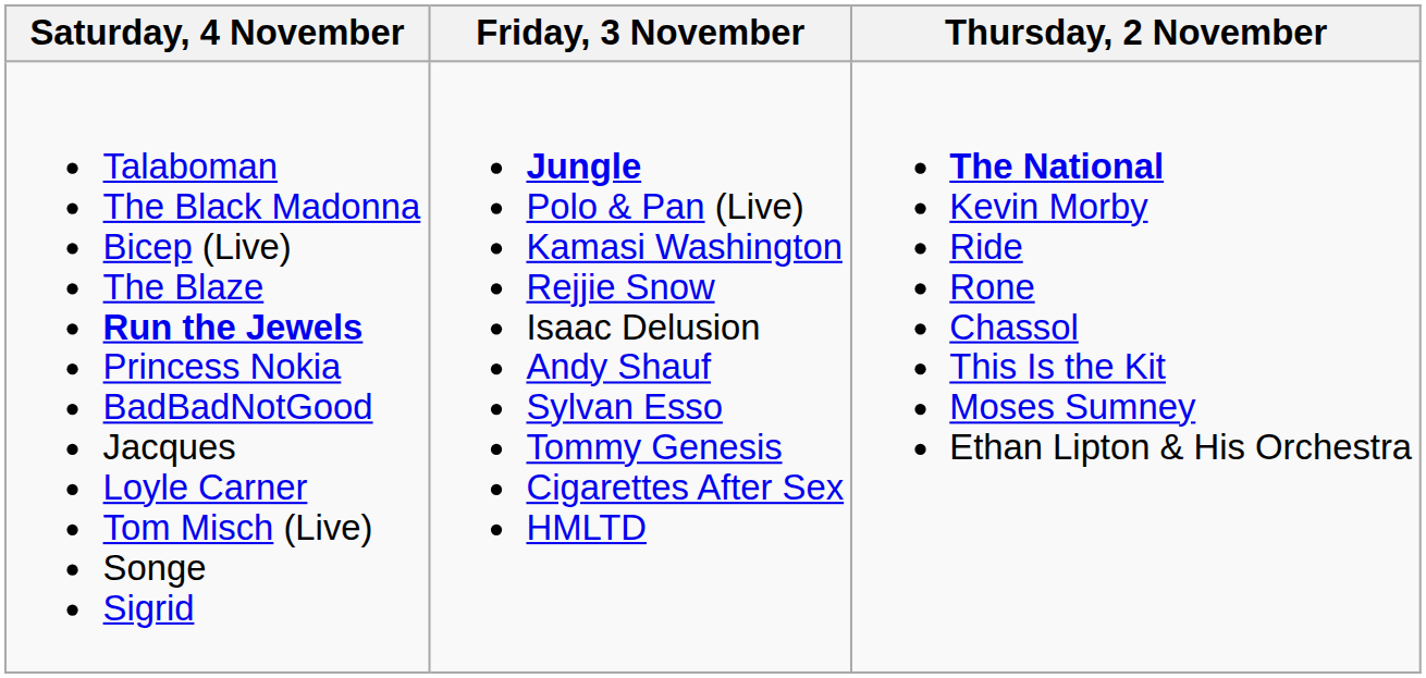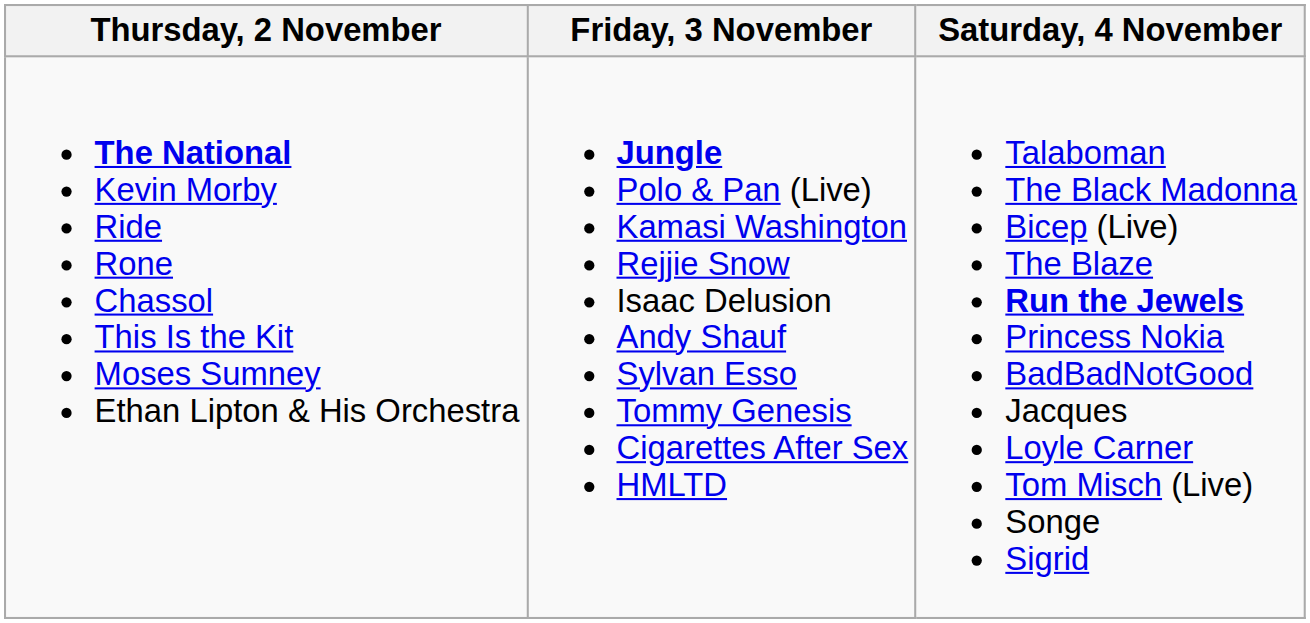 <table class="wikitable">
 <tr>
+<th>Thursday, 2 November</th>
+<th>Friday, 3 November</th>
 <th>Saturday, 4 November</th>
-<th>Friday, 3 November</th>
-<th>Thursday, 2 November</th>
 </tr>
 <tr valign="top">
+<td><br><ul><li><strong><a href='#'>The National</a></strong></li><li><a href='#'>Kevin Morby</a></li><li><a href='#'>Ride</a></li><li><a href='#'>Rone</a></li><li><a href='#'>Chassol</a></li><li><a href='#'>This Is the Kit</a></li><li><a href='#'>Moses Sumney</a></li><li>Ethan Lipton & His Orchestra</li></ul></td>
+<td><br><ul><li><strong><a href='#'>Jungle</a></strong></li><li><a href='#'>Polo & Pan</a> (Live)</li><li><a href='#'>Kamasi Washington</a></li><li><a href='#'>Rejjie Snow</a></li><li>Isaac Delusion</li><li><a href='#'>Andy Shauf</a></li><li><a href='#'>Sylvan Esso</a></li><li><a href='#'>Tommy Genesis</a></li><li><a href='#'>Cigarettes After Sex</a></li><li><a href='#'>HMLTD</a></li></ul></td>
 <td><br><ul><li><a href='#'>Talaboman</a></li><li><a href='#'>The Black Madonna</a></li><li><a href='#'>Bicep</a> (Live)</li><li><a href='#'>The Blaze</a></li><li><strong><a href='#'>Run the Jewels</a></strong></li><li><a href='#'>Princess Nokia</a></li><li><a href='#'>BadBadNotGood</a></li><li>Jacques</li><li><a href='#'>Loyle Carner</a></li><li><a href='#'>Tom Misch</a> (Live)</li><li>Songe</li><li><a href='#'>Sigrid</a></li></ul></td>
-<td><br><ul><li><strong><a href='#'>Jungle</a></strong></li><li><a href='#'>Polo & Pan</a> (Live)</li><li><a href='#'>Kamasi Washington</a></li><li><a href='#'>Rejjie Snow</a></li><li>Isaac Delusion</li><li><a href='#'>Andy Shauf</a></li><li><a href='#'>Sylvan Esso</a></li><li><a href='#'>Tommy Genesis</a></li><li><a href='#'>Cigarettes After Sex</a></li><li><a href='#'>HMLTD</a></li></ul></td>
-<td><br><ul><li><strong><a href='#'>The National</a></strong></li><li><a href='#'>Kevin Morby</a></li><li><a href='#'>Ride</a></li><li><a href='#'>Rone</a></li><li><a href='#'>Chassol</a></li><li><a href='#'>This Is the Kit</a></li><li><a href='#'>Moses Sumney</a></li><li>Ethan Lipton & His Orchestra</li></ul></td>
 </tr>
 </table>
